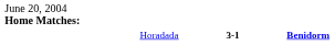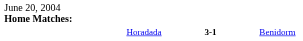 <table width=100% cellspacing=1>
 <tr>
 <th width=20%></th>
 <th width=12%></th>
 <th width=20%></th>
 <th></th>
 </tr>
 <tr>
 <td>June 20, 2004<br><strong>Home Matches:</strong></td>
 </tr>
 <tr style=font-size:90%>
 <td align=right><a href='#'>Horadada</a></td>
 <td align=center><strong>3-1</strong></td>
-<td><strong><a href='#'>Benidorm</a></strong></td>
+<td><a href='#'>Benidorm</a></td>
 </tr>
 </table>
